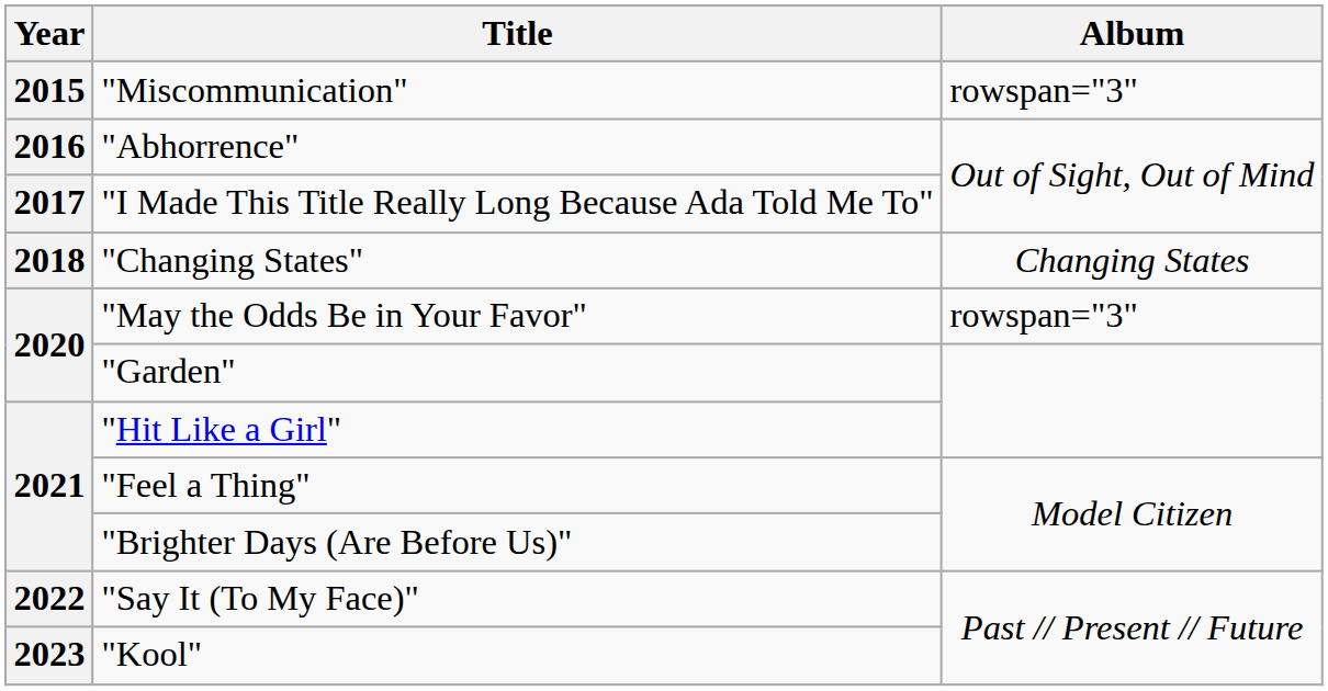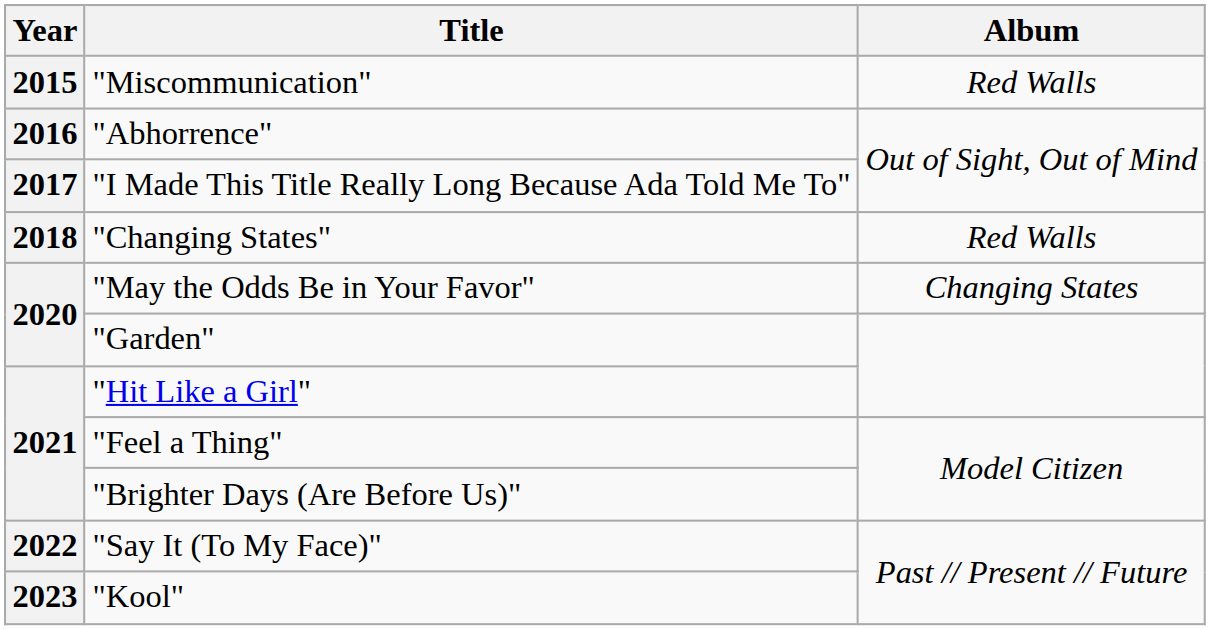 <table class="wikitable plainrowheaders">
 <tr>
 <th scope="col">Year</th>
 <th scope="col">Title</th>
 <th scope="col">Album</th>
 </tr>
 <tr>
 <th scope="row">2015</th>
 <td>"Miscommunication"</td>
-<td>rowspan="3" </td>
+<td style="text-align:center;" rowspan="1"><em>Red Walls</em></td>
 </tr>
 <tr>
 <th scope="row">2016</th>
 <td>"Abhorrence"</td>
 <td style="text-align:center;" rowspan="2"><em>Out of Sight, Out of Mind</em></td>
 </tr>
 <tr>
 <th scope="row">2017</th>
 <td>"I Made This Title Really Long Because Ada Told Me To"</td>
 </tr>
 <tr>
 <th scope="row">2018</th>
 <td>"Changing States"</td>
-<td style="text-align:center;"><em>Changing States</em></td>
+<td style="text-align:center;" rowspan="1"><em>Red Walls</em></td>
 </tr>
 <tr>
 <th scope="row" rowspan="2">2020</th>
 <td>"May the Odds Be in Your Favor"</td>
-<td>rowspan="3" </td>
+<td style="text-align:center;"><em>Changing States</em></td>
 </tr>
 <tr>
 <td>"Garden"</td>
 </tr>
 <tr>
 <th scope="row" rowspan="3">2021</th>
 <td>"<a href='#'>Hit Like a Girl</a>"</td>
 </tr>
 <tr>
 <td>"Feel a Thing"</td>
 <td rowspan="2" style="text-align:center;"><em>Model Citizen</em></td>
 </tr>
 <tr>
 <td>"Brighter Days (Are Before Us)"</td>
 </tr>
 <tr>
 <th scope="row">2022</th>
 <td>"Say It (To My Face)"</td>
 <td rowspan="2" style="text-align:center;"><em>Past // Present // Future</em></td>
 </tr>
 <tr>
 <th scope="row">2023</th>
 <td>"Kool"</td>
 </tr>
 </table>
